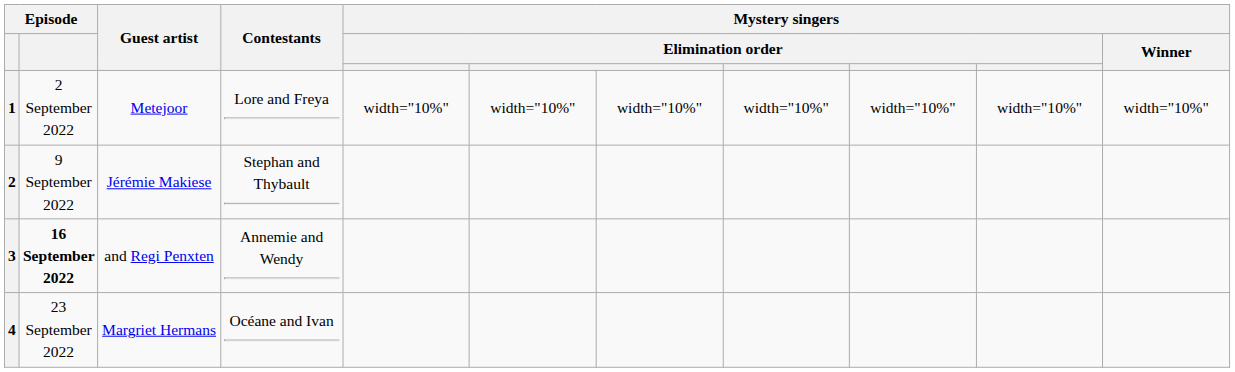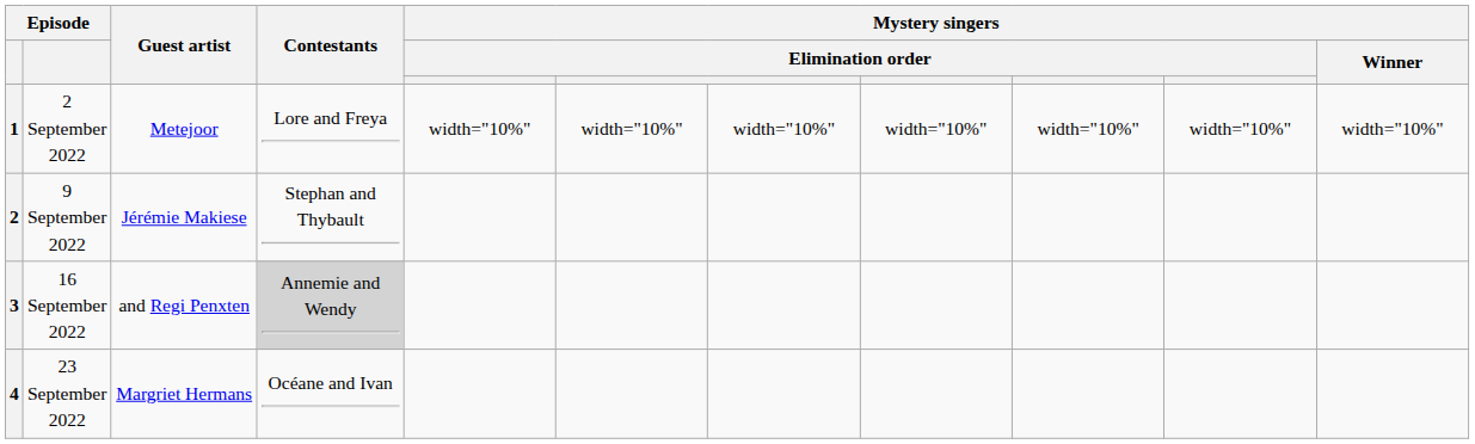 <table class="wikitable plainrowheaders mw-collapsible" style="text-align:center; line-height:23px; width:100%;">
 <tr>
 <th colspan="2" width="1%">Episode</th>
 <th rowspan="3" width="10%">Guest artist</th>
 <th rowspan="3" width="10%">Contestants</th>
 <th colspan="7">Mystery singers<br></th>
 </tr>
 <tr>
 <th rowspan="2"></th>
 <th rowspan="2"></th>
 <th colspan="6">Elimination order</th>
 <th rowspan="2">Winner</th>
 </tr>
 <tr>
 <th></th>
 <th colspan="2"></th>
 <th></th>
 <th></th>
 <th></th>
 </tr>
 <tr>
 <th>1</th>
 <td>2 September 2022</td>
 <td><a href='#'>Metejoor</a><br></td>
 <td>Lore and Freya<hr></td>
 <td>width="10%" </td>
 <td>width="10%" </td>
 <td>width="10%" </td>
 <td>width="10%" </td>
 <td>width="10%" </td>
 <td>width="10%" </td>
 <td>width="10%" </td>
 </tr>
 <tr>
 <th>2</th>
 <td>9 September 2022</td>
 <td><a href='#'>Jérémie Makiese</a><br></td>
 <td>Stephan and Thybault<hr></td>
 <td></td>
 <td></td>
 <td></td>
 <td></td>
 <td></td>
 <td></td>
 <td></td>
 </tr>
 <tr>
 <th>3</th>
-<td><strong>16 September 2022</strong></td>
+<td>16 September 2022</td>
 <td> and <a href='#'>Regi Penxten</a><br></td>
-<td>Annemie and Wendy<hr></td>
+<td style="background: lightgrey;">Annemie and Wendy<hr></td>
 <td></td>
 <td></td>
 <td></td>
 <td></td>
 <td></td>
 <td></td>
 <td></td>
 </tr>
 <tr>
 <th>4</th>
 <td>23 September 2022</td>
 <td><a href='#'>Margriet Hermans</a></td>
 <td>Océane and Ivan<hr></td>
 <td></td>
 <td></td>
 <td></td>
 <td></td>
 <td></td>
 <td></td>
 <td></td>
 </tr>
 </table>
